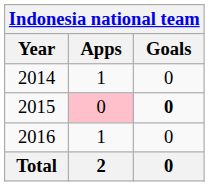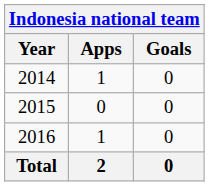 <table class="wikitable" style="text-align:center">
 <tr>
 <th colspan=3><a href='#'>Indonesia national team</a></th>
 </tr>
 <tr>
 <th>Year</th>
 <th>Apps</th>
 <th>Goals</th>
 </tr>
 <tr>
 <td>2014</td>
 <td>1</td>
 <td>0</td>
 </tr>
 <tr>
 <td>2015</td>
-<td style="background: pink;">0</td>
-<td><strong>0</strong></td>
+<td>0</td>
+<td>0</td>
 </tr>
 <tr>
 <td>2016</td>
 <td>1</td>
 <td>0</td>
 </tr>
 <tr>
 <th>Total</th>
 <th>2</th>
 <th>0</th>
 </tr>
 </table>
